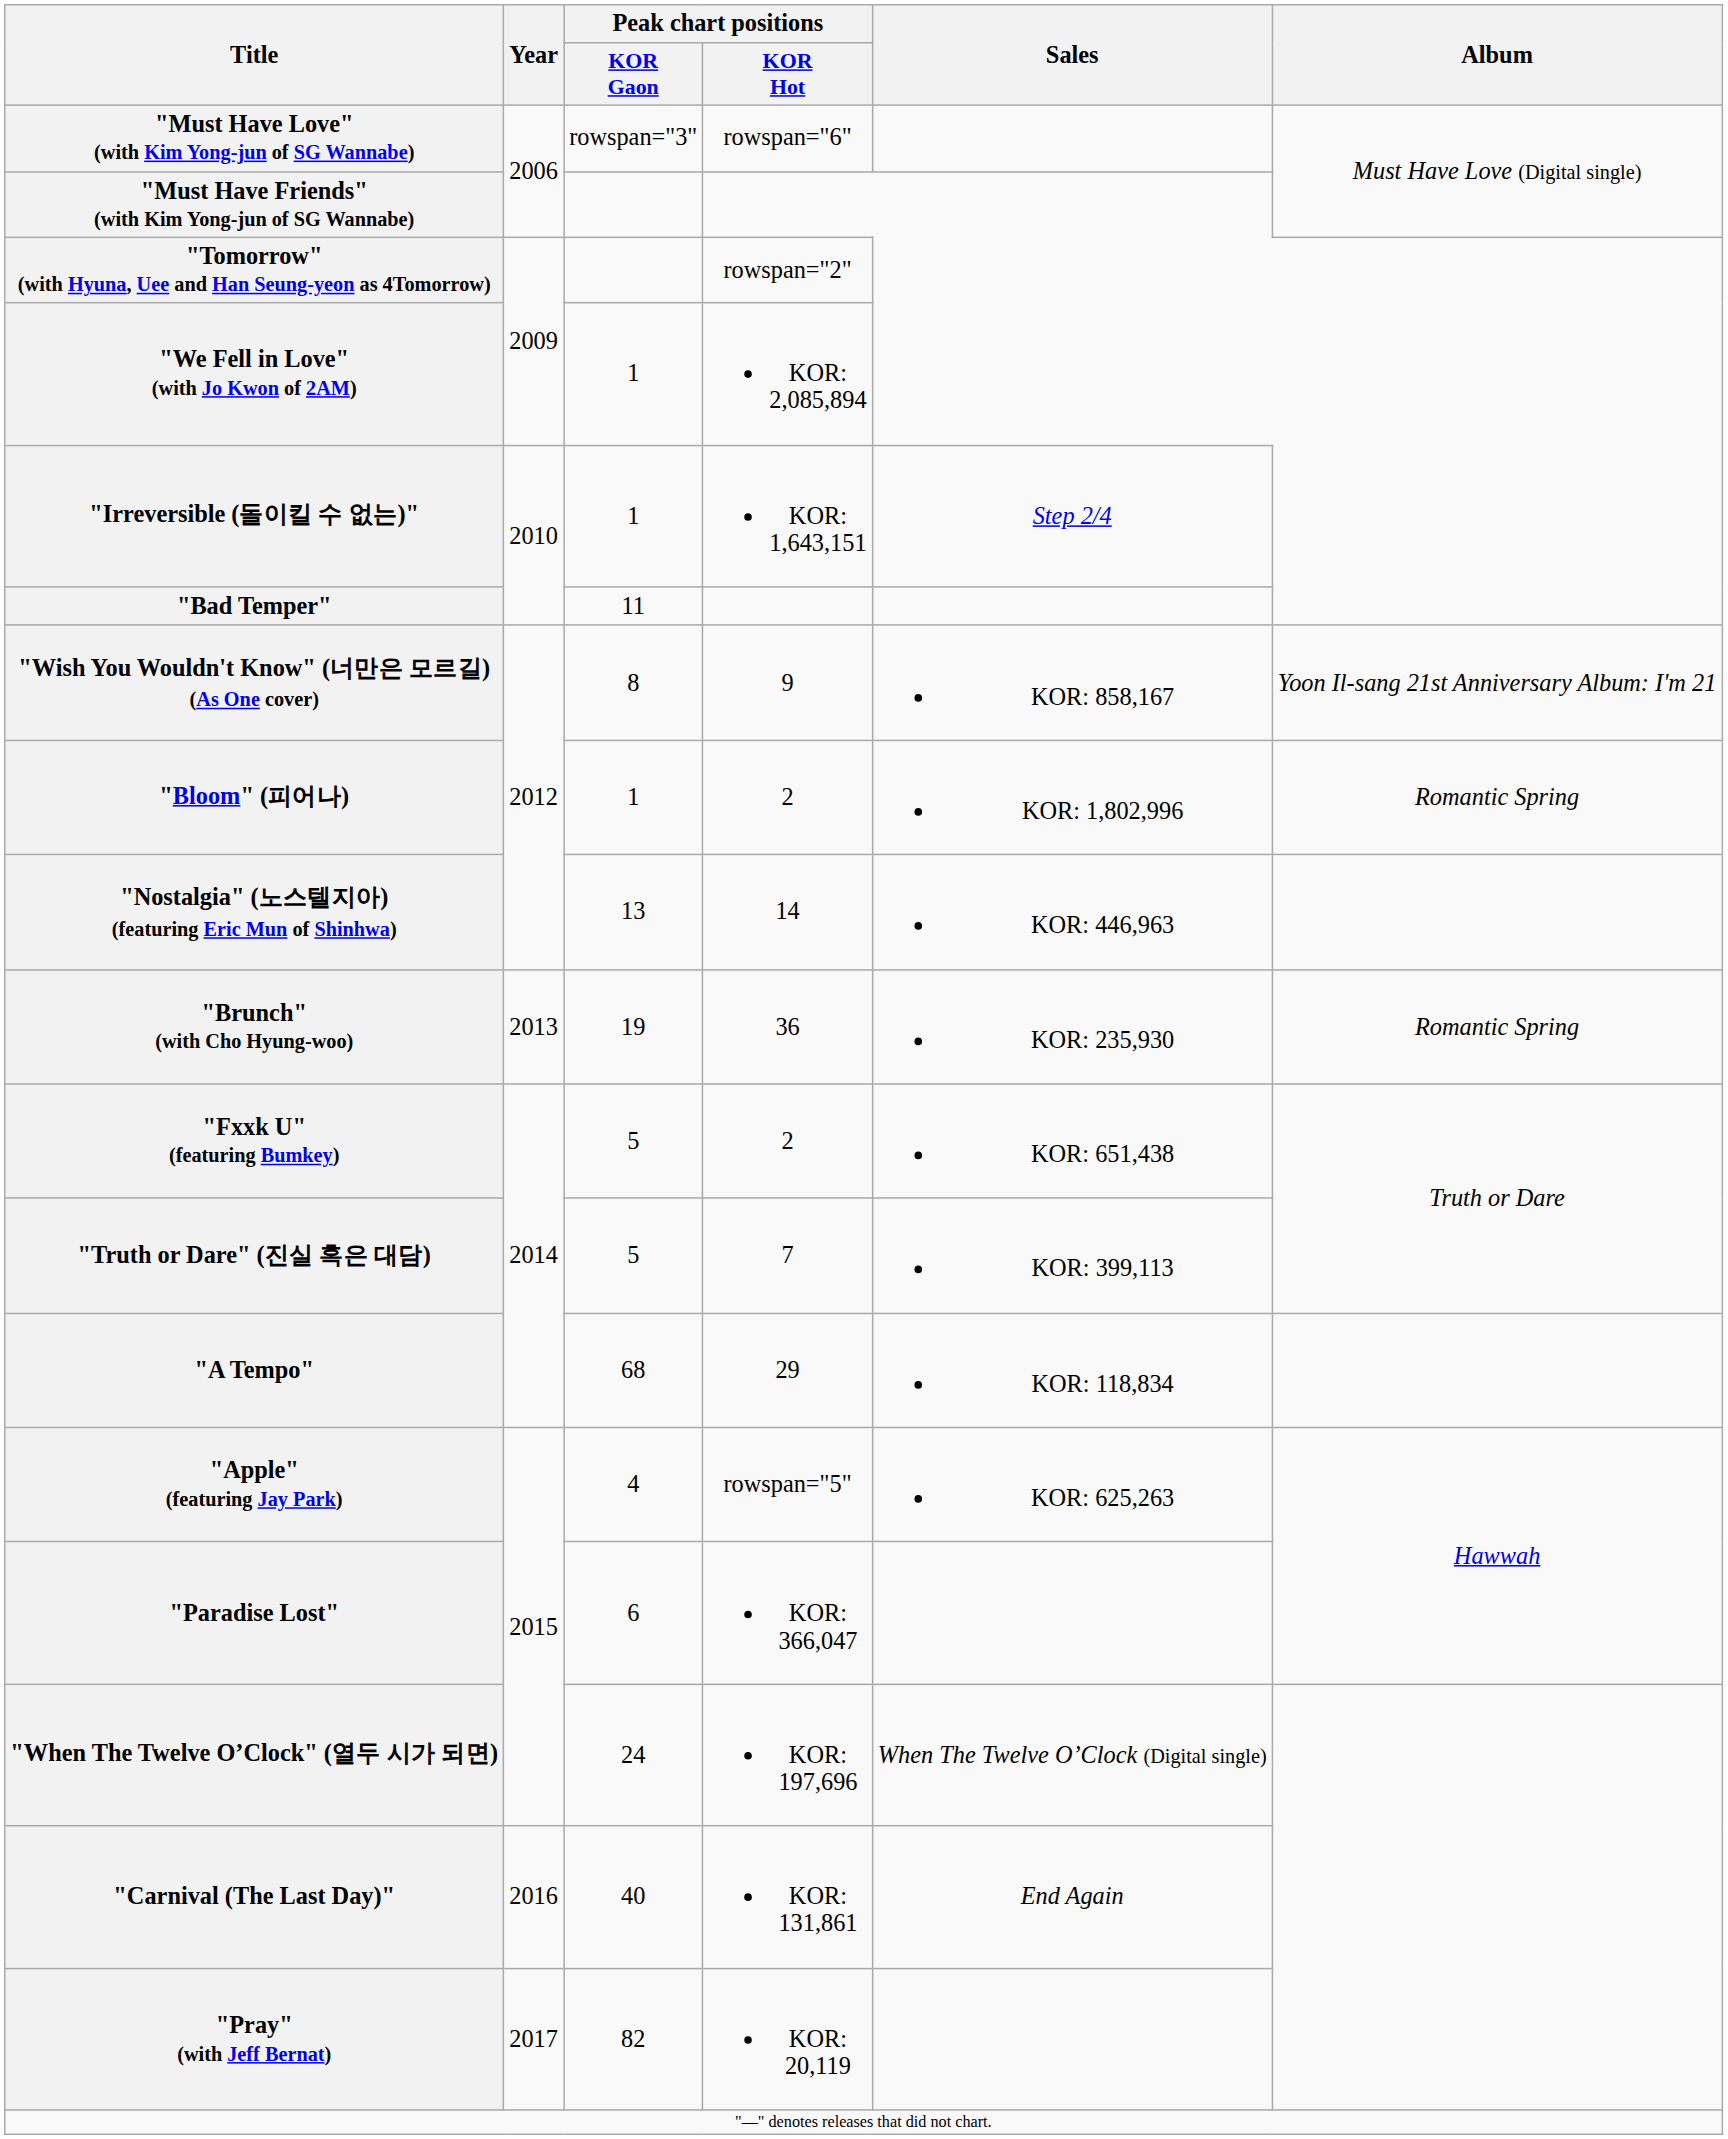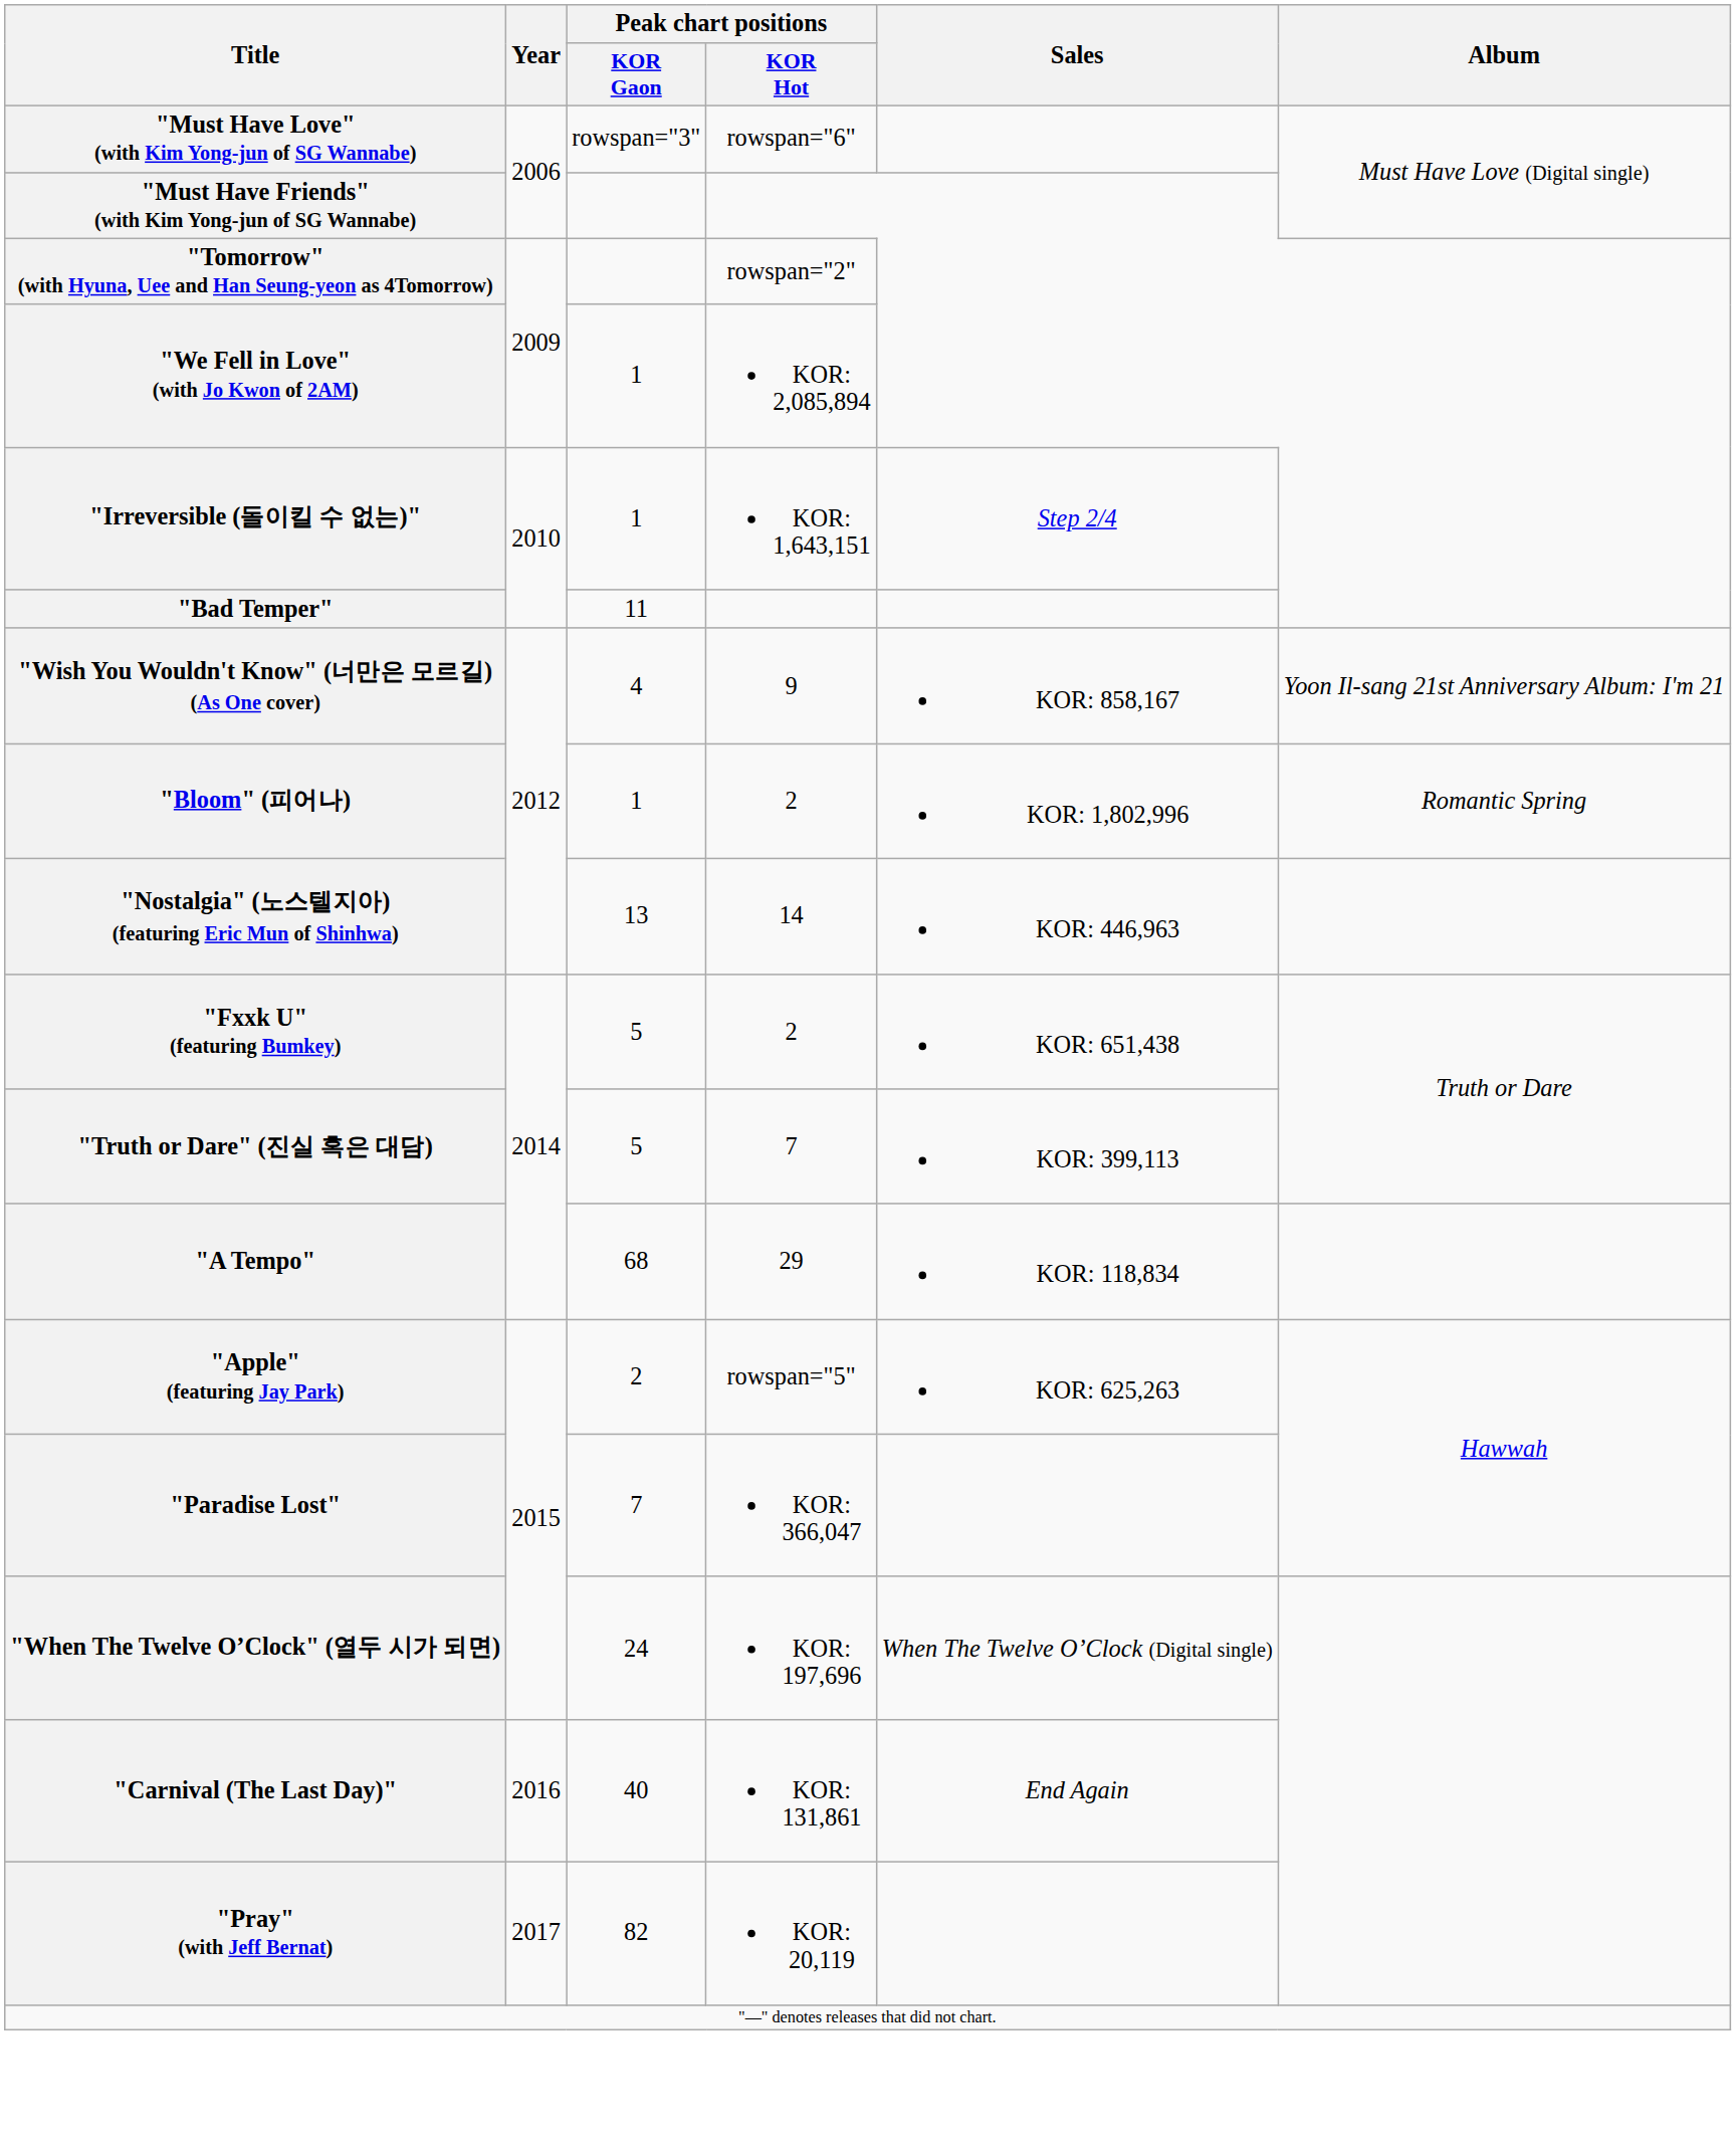 <table class="wikitable plainrowheaders" style="text-align:center;">
 <tr>
 <th scope="col" rowspan="2">Title</th>
 <th scope="col" rowspan="2">Year</th>
 <th scope="col" colspan="2">Peak chart positions</th>
 <th scope="col" rowspan="2">Sales</th>
 <th scope="col" rowspan="2">Album</th>
 </tr>
 <tr>
 <th scope="col" style="width:3em;font-size:90%;"><a href='#'>KOR<br>Gaon</a><br></th>
 <th scope="col" style="width:3em;font-size:90%;"><a href='#'>KOR<br>Hot</a> <br></th>
 </tr>
 <tr>
 <th scope="row">"Must Have Love" <br><small>(with <a href='#'>Kim Yong-jun</a> of <a href='#'>SG Wannabe</a>)</small></th>
 <td rowspan="2">2006</td>
 <td>rowspan="3" </td>
 <td>rowspan="6" </td>
 <td></td>
 <td rowspan="2"><em>Must Have Love</em> <small>(Digital single)</small></td>
 </tr>
 <tr>
 <th scope="row">"Must Have Friends" <br><small>(with Kim Yong-jun of SG Wannabe)</small></th>
 <td></td>
 </tr>
 <tr>
 <th scope="row">"Tomorrow" <br><small>(with <a href='#'>Hyuna</a>, <a href='#'>Uee</a> and <a href='#'>Han Seung-yeon</a> as 4Tomorrow)</small></th>
 <td rowspan="2">2009</td>
 <td></td>
 <td>rowspan="2" </td>
 </tr>
 <tr>
 <th scope="row">"We Fell in Love"<br><small>(with <a href='#'>Jo Kwon</a> of <a href='#'>2AM</a>)</small></th>
 <td>1</td>
 <td><br><ul><li>KOR: 2,085,894</li></ul></td>
 </tr>
 <tr>
 <th scope="row">"Irreversible (돌이킬 수 없는)"</th>
 <td rowspan="2">2010</td>
 <td>1</td>
 <td><br><ul><li>KOR: 1,643,151</li></ul></td>
 <td><em><a href='#'>Step 2/4</a></em></td>
 </tr>
 <tr>
 <th scope="row">"Bad Temper"</th>
 <td>11</td>
 <td></td>
 <td></td>
 </tr>
 <tr>
 <th scope="row">"Wish You Wouldn't Know" (너만은 모르길)<br><small>(<a href='#'>As One</a> cover)</small></th>
 <td rowspan="3">2012</td>
-<td>8</td>
+<td>4</td>
 <td>9</td>
 <td><br><ul><li>KOR: 858,167</li></ul></td>
 <td><em>Yoon Il-sang 21st Anniversary Album: I'm 21</em></td>
 </tr>
 <tr>
 <th scope="row">"<a href='#'>Bloom</a>" (피어나)</th>
 <td>1</td>
 <td>2</td>
 <td><br><ul><li>KOR: 1,802,996</li></ul></td>
 <td><em>Romantic Spring</em></td>
 </tr>
 <tr>
 <th scope="row">"Nostalgia" (노스텔지아)<br><small>(featuring <a href='#'>Eric Mun</a> of <a href='#'>Shinhwa</a>)</small></th>
 <td>13</td>
 <td>14</td>
 <td><br><ul><li>KOR: 446,963</li></ul></td>
 <td></td>
-</tr>
-<tr>
-<th scope="row">"Brunch"<br><small>(with Cho Hyung-woo)</small></th>
-<td>2013</td>
-<td>19</td>
-<td>36</td>
-<td><br><ul><li>KOR: 235,930</li></ul></td>
-<td><em>Romantic Spring</em></td>
 </tr>
 <tr>
 <th scope="row">"Fxxk U"<br><small>(featuring <a href='#'>Bumkey</a>)</small></th>
 <td rowspan="3">2014</td>
 <td>5</td>
 <td>2</td>
 <td><br><ul><li>KOR: 651,438</li></ul></td>
 <td rowspan="2"><em>Truth or Dare</em></td>
 </tr>
 <tr>
 <th scope="row">"Truth or Dare" (진실 혹은 대담)</th>
 <td>5</td>
 <td>7</td>
 <td><br><ul><li>KOR: 399,113</li></ul></td>
 </tr>
 <tr>
 <th scope="row">"A Tempo"</th>
 <td>68</td>
 <td>29</td>
 <td><br><ul><li>KOR: 118,834</li></ul></td>
 <td></td>
 </tr>
 <tr>
 <th scope="row">"Apple"<br><small>(featuring <a href='#'>Jay Park</a>)</small></th>
 <td rowspan="3">2015</td>
-<td>4</td>
+<td>2</td>
 <td>rowspan="5" </td>
 <td><br><ul><li>KOR: 625,263</li></ul></td>
 <td rowspan="2"><em><a href='#'>Hawwah</a></em></td>
 </tr>
 <tr>
 <th scope="row">"Paradise Lost"</th>
-<td>6</td>
+<td>7</td>
 <td><br><ul><li>KOR: 366,047</li></ul></td>
 </tr>
 <tr>
 <th scope="row">"When The Twelve O’Clock" (열두 시가 되면)</th>
 <td>24</td>
 <td><br><ul><li>KOR: 197,696</li></ul></td>
 <td><em>When The Twelve O’Clock</em> <small>(Digital single)</small></td>
 </tr>
 <tr>
 <th scope="row">"Carnival (The Last Day)"</th>
 <td>2016</td>
 <td>40</td>
 <td><br><ul><li>KOR: 131,861</li></ul></td>
 <td><em>End Again</em></td>
 </tr>
 <tr>
 <th scope="row">"Pray"<br><small>(with <a href='#'>Jeff Bernat</a>)</small></th>
 <td>2017</td>
 <td>82</td>
 <td><br><ul><li>KOR: 20,119</li></ul></td>
 <td></td>
 </tr>
 <tr>
 <td colspan="6" style="text-align:center; font-size:8pt;">"—" denotes releases that did not chart.</td>
 </tr>
 </table>
